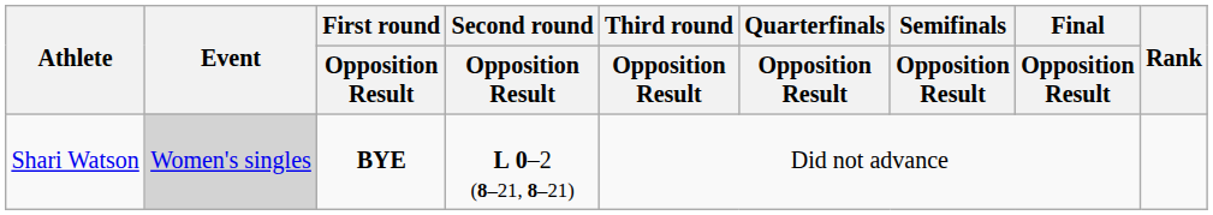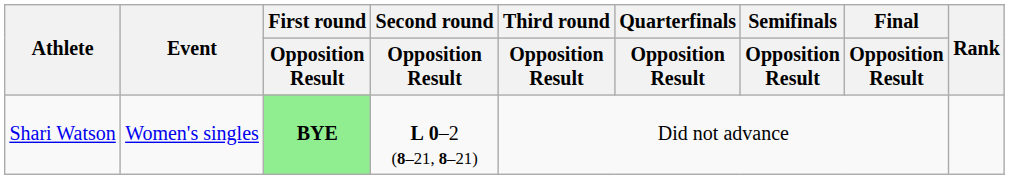 <table class="wikitable" style="font-size:90%">
 <tr>
 <th rowspan="2">Athlete</th>
 <th rowspan="2">Event</th>
 <th>First round</th>
 <th>Second round</th>
 <th>Third round</th>
 <th>Quarterfinals</th>
 <th>Semifinals</th>
 <th>Final</th>
 <th rowspan="2">Rank</th>
 </tr>
 <tr>
 <th>Opposition<br>Result</th>
 <th>Opposition<br>Result</th>
 <th>Opposition<br>Result</th>
 <th>Opposition<br>Result</th>
 <th>Opposition<br>Result</th>
 <th>Opposition<br>Result</th>
 </tr>
 <tr>
 <td><a href='#'>Shari Watson</a></td>
-<td style="background: lightgrey;"><a href='#'>Women's singles</a></td>
-<td align=center><strong>BYE</strong></td>
+<td><a href='#'>Women's singles</a></td>
+<td align=center style="background: lightgreen;"><strong>BYE</strong></td>
 <td align=center><br> <strong>L</strong> <strong>0</strong>–2<br><small>(<strong>8</strong>–21, <strong>8</strong>–21)</small></td>
 <td align=center colspan=4>Did not advance</td>
 <td align=center></td>
 </tr>
 </table>
